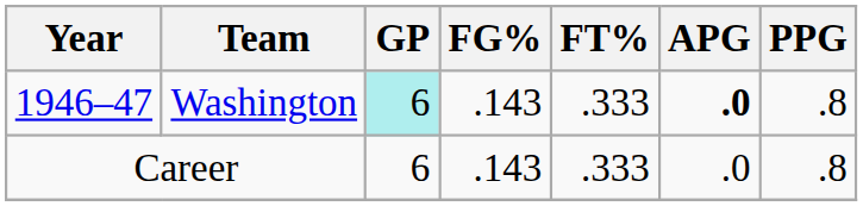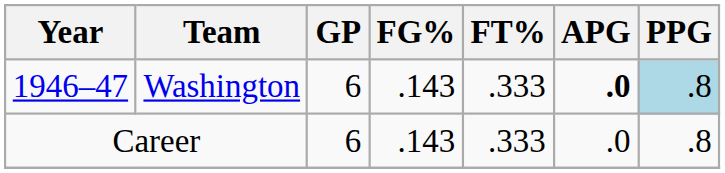 <table class="wikitable sortable" style="font-size:95%; text-align:right;">
 <tr>
 <th>Year</th>
 <th>Team</th>
 <th>GP</th>
 <th>FG%</th>
 <th>FT%</th>
 <th>APG</th>
 <th>PPG</th>
 </tr>
 <tr>
 <td style="text-align:left;"><a href='#'>1946–47</a></td>
 <td style="text-align:left;"><a href='#'>Washington</a></td>
-<td style="background: paleturquoise;">6</td>
+<td>6</td>
 <td>.143</td>
 <td>.333</td>
 <td><strong>.0</strong></td>
-<td>.8</td>
+<td style="background: lightblue;">.8</td>
 </tr>
 <tr>
 <td style="text-align:center;" colspan="2">Career</td>
 <td>6</td>
 <td>.143</td>
 <td>.333</td>
 <td>.0</td>
 <td>.8</td>
 </tr>
 <tr>
 </tr>
 </table>
